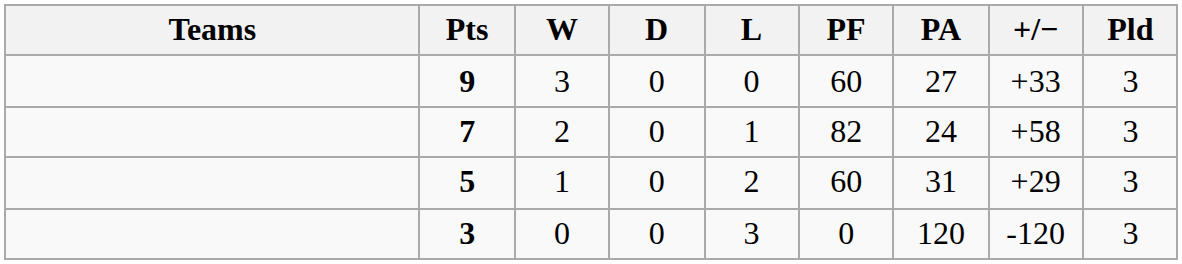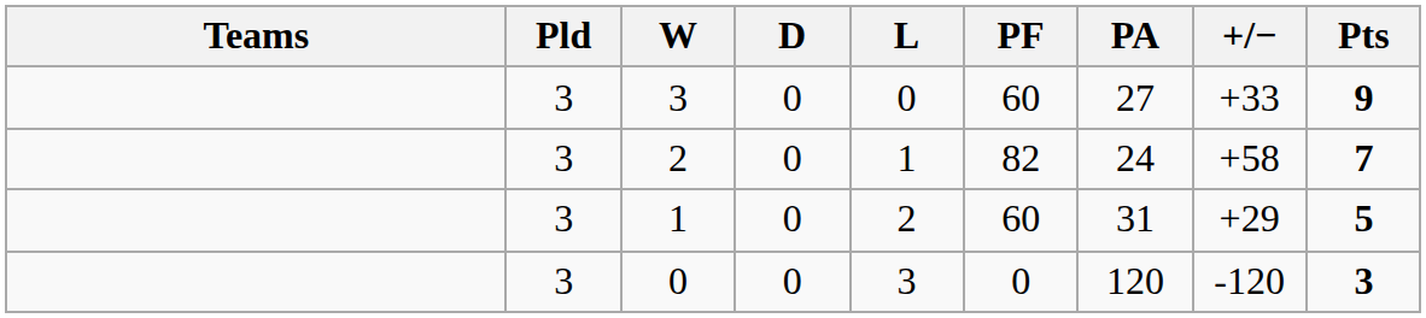 <table class="wikitable" style="text-align: center;">
 <tr>
 <th width="200">Teams</th>
-<th width="40">Pts</th>
+<th width="40">Pld</th>
 <th width="40">W</th>
 <th width="40">D</th>
 <th width="40">L</th>
 <th width="40">PF</th>
 <th width="40">PA</th>
 <th width="40">+/−</th>
-<th width="40">Pld</th>
+<th width="40">Pts</th>
 </tr>
 <tr>
 <td align=left></td>
-<td><strong>9</strong></td>
+<td>3</td>
 <td>3</td>
 <td>0</td>
 <td>0</td>
 <td>60</td>
 <td>27</td>
 <td>+33</td>
-<td>3</td>
+<td><strong>9</strong></td>
 </tr>
 <tr>
 <td align=left></td>
-<td><strong>7</strong></td>
+<td>3</td>
 <td>2</td>
 <td>0</td>
 <td>1</td>
 <td>82</td>
 <td>24</td>
 <td>+58</td>
-<td>3</td>
+<td><strong>7</strong></td>
 </tr>
 <tr>
 <td align=left></td>
-<td><strong>5</strong></td>
+<td>3</td>
 <td>1</td>
 <td>0</td>
 <td>2</td>
 <td>60</td>
 <td>31</td>
 <td>+29</td>
-<td>3</td>
+<td><strong>5</strong></td>
 </tr>
 <tr>
 <td align=left></td>
-<td><strong>3</strong></td>
+<td>3</td>
 <td>0</td>
 <td>0</td>
 <td>3</td>
 <td>0</td>
 <td>120</td>
 <td>-120</td>
-<td>3</td>
+<td><strong>3</strong></td>
 </tr>
 </table>
